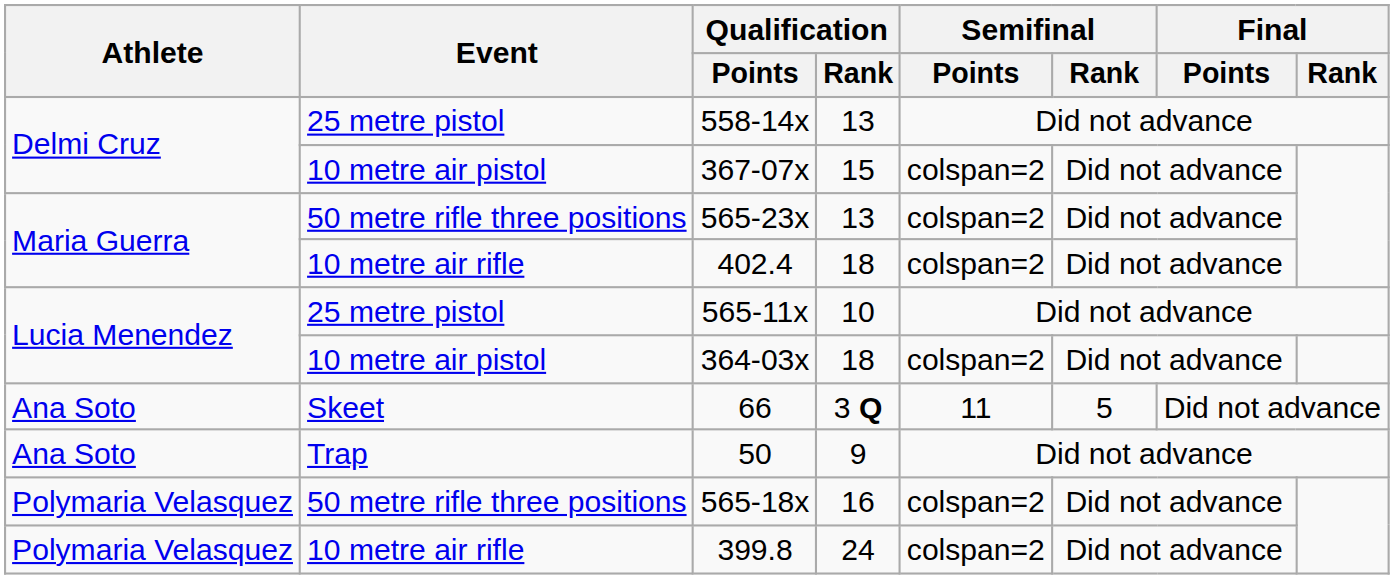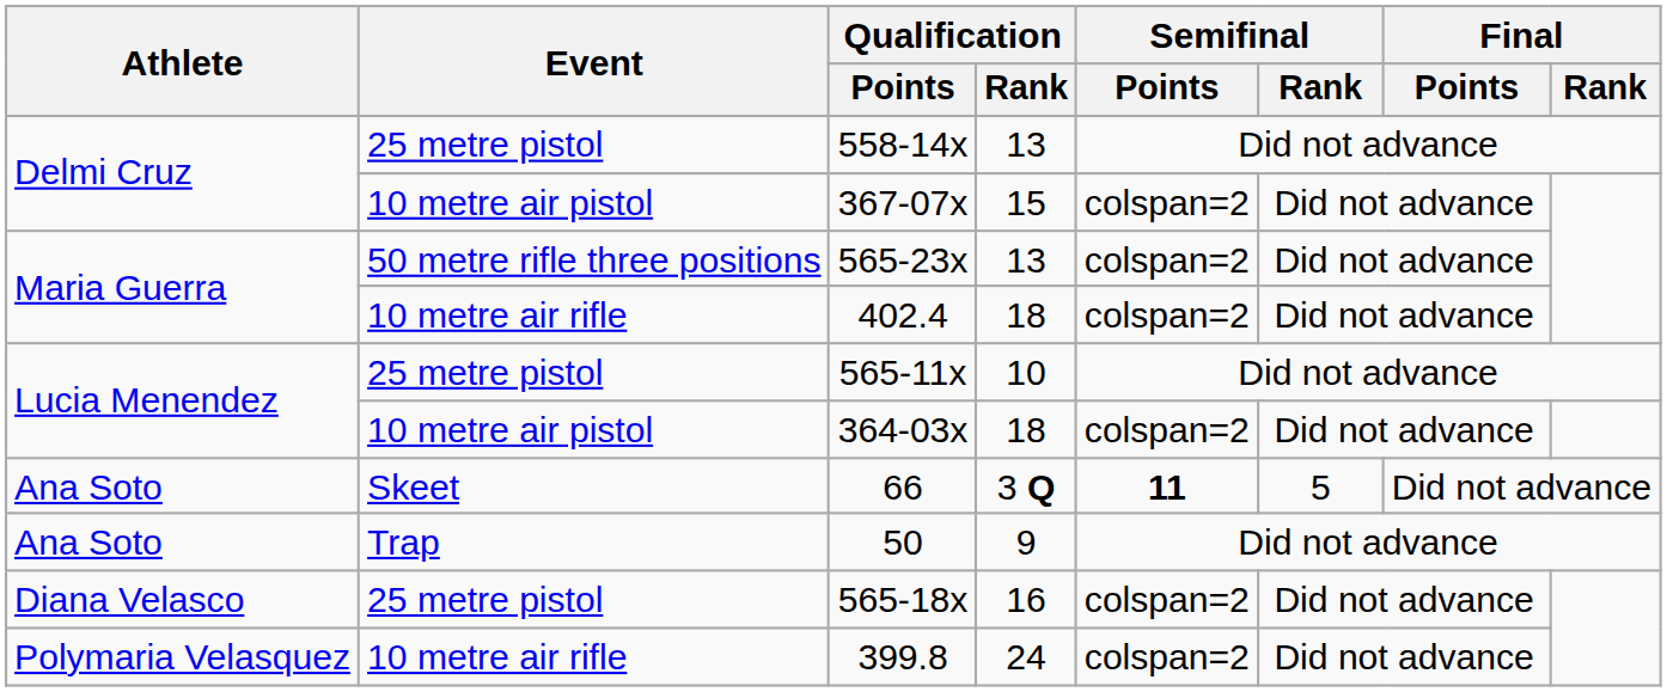 <table class="wikitable" style="font-size:90%">
 <tr>
 <th rowspan="2">Athlete</th>
 <th rowspan="2">Event</th>
 <th colspan=2>Qualification</th>
 <th colspan=2>Semifinal</th>
 <th colspan=2>Final</th>
 </tr>
 <tr style="font-size:95%">
 <th>Points</th>
 <th>Rank</th>
 <th>Points</th>
 <th>Rank</th>
 <th>Points</th>
 <th>Rank</th>
 </tr>
 <tr align=center>
 <td align=left rowspan=2><a href='#'>Delmi Cruz</a></td>
 <td align=left><a href='#'>25 metre pistol</a></td>
 <td>558-14x</td>
 <td>13</td>
 <td colspan=4>Did not advance</td>
 </tr>
 <tr align=center>
 <td align=left><a href='#'>10 metre air pistol</a></td>
 <td>367-07x</td>
 <td>15</td>
 <td>colspan=2 </td>
 <td colspan=2>Did not advance</td>
 </tr>
 <tr align=center>
 <td align=left rowspan=2><a href='#'>Maria Guerra</a></td>
 <td align=left><a href='#'>50 metre rifle three positions</a></td>
 <td>565-23x</td>
 <td>13</td>
 <td>colspan=2 </td>
 <td colspan=2>Did not advance</td>
 </tr>
 <tr align=center>
 <td align=left><a href='#'>10 metre air rifle</a></td>
 <td>402.4</td>
 <td>18</td>
 <td>colspan=2 </td>
 <td colspan=2>Did not advance</td>
 </tr>
 <tr align=center>
 <td align=left rowspan=2><a href='#'>Lucia Menendez</a></td>
 <td align=left><a href='#'>25 metre pistol</a></td>
 <td>565-11x</td>
 <td>10</td>
 <td colspan=4>Did not advance</td>
 </tr>
 <tr align=center>
 <td align=left><a href='#'>10 metre air pistol</a></td>
 <td>364-03x</td>
 <td>18</td>
 <td>colspan=2 </td>
 <td colspan=2>Did not advance</td>
 </tr>
 <tr align=center>
 <td align=left><a href='#'>Ana Soto</a></td>
 <td align=left><a href='#'>Skeet</a></td>
 <td>66</td>
 <td>3 <strong>Q</strong></td>
-<td>11</td>
+<td><strong>11</strong></td>
 <td>5</td>
 <td colspan=2>Did not advance</td>
 </tr>
 <tr align=center>
 <td align=left><a href='#'>Ana Soto</a></td>
 <td align=left><a href='#'>Trap</a></td>
 <td>50</td>
 <td>9</td>
 <td colspan=4>Did not advance</td>
 </tr>
 <tr align=center>
-<td align=left><a href='#'>Polymaria Velasquez</a></td>
-<td align=left><a href='#'>50 metre rifle three positions</a></td>
+<td align=left><a href='#'>Diana Velasco</a></td>
+<td align=left><a href='#'>25 metre pistol</a></td>
 <td>565-18x</td>
 <td>16</td>
 <td>colspan=2 </td>
 <td colspan=2>Did not advance</td>
 </tr>
 <tr align=center>
 <td align=left><a href='#'>Polymaria Velasquez</a></td>
 <td align=left><a href='#'>10 metre air rifle</a></td>
 <td>399.8</td>
 <td>24</td>
 <td>colspan=2 </td>
 <td colspan=2>Did not advance</td>
 </tr>
 </table>
